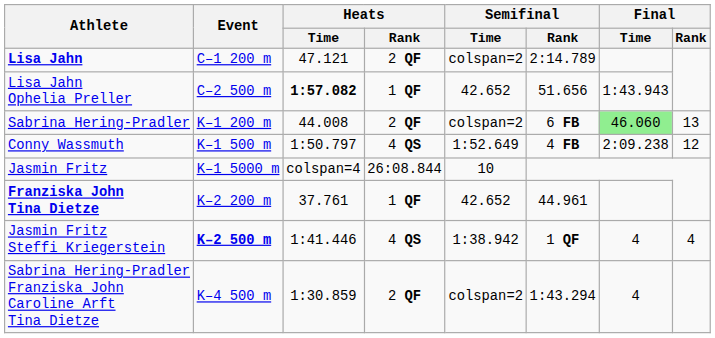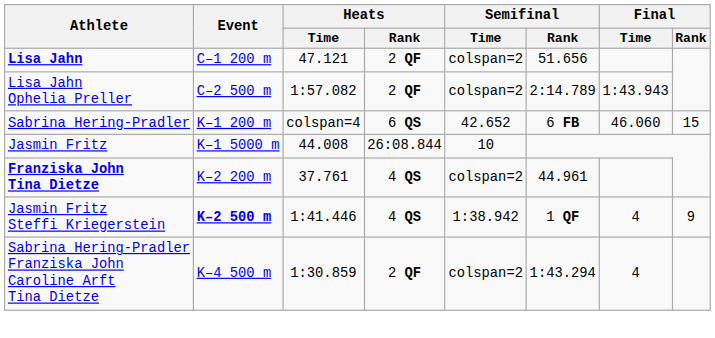 <table class="wikitable" style="text-align:center; font-size:90%">
 <tr>
 <th rowspan=2>Athlete</th>
 <th rowspan=2>Event</th>
 <th colspan=2>Heats</th>
 <th colspan=2>Semifinal</th>
 <th colspan=2>Final</th>
 </tr>
 <tr style="font-size:95%">
 <th>Time</th>
 <th>Rank</th>
 <th>Time</th>
 <th>Rank</th>
 <th>Time</th>
 <th>Rank</th>
 </tr>
 <tr>
 <td align=left><strong><a href='#'>Lisa Jahn</a></strong></td>
 <td align=left><a href='#'>C–1 200 m</a></td>
 <td>47.121</td>
 <td>2 <strong>QF</strong></td>
 <td>colspan=2</td>
-<td>2:14.789</td>
+<td>51.656</td>
 <td></td>
 </tr>
 <tr>
 <td align=left><a href='#'>Lisa Jahn</a><br><a href='#'>Ophelia Preller</a></td>
 <td align=left><a href='#'>C–2 500 m</a></td>
-<td><strong>1:57.082</strong></td>
-<td>1 <strong>QF</strong></td>
-<td>42.652</td>
-<td>51.656</td>
+<td>1:57.082</td>
+<td>2 <strong>QF</strong></td>
+<td>colspan=2</td>
+<td>2:14.789</td>
 <td>1:43.943</td>
 </tr>
 <tr>
 <td align=left><a href='#'>Sabrina Hering-Pradler</a></td>
 <td align=left><a href='#'>K–1 200 m</a></td>
-<td>44.008</td>
-<td>2 <strong>QF</strong></td>
-<td>colspan=2</td>
+<td>colspan=4</td>
+<td>6 <strong>QS</strong></td>
+<td>42.652</td>
 <td>6 <strong>FB</strong></td>
-<td style="background: lightgreen;">46.060</td>
-<td>13</td>
-</tr>
-<tr>
-<td align=left><a href='#'>Conny Wassmuth</a></td>
-<td align=left><a href='#'>K–1 500 m</a></td>
-<td>1:50.797</td>
-<td>4 <strong>QS</strong></td>
-<td>1:52.649</td>
-<td>4 <strong>FB</strong></td>
-<td>2:09.238</td>
-<td>12</td>
+<td>46.060</td>
+<td>15</td>
 </tr>
 <tr>
 <td align=left><a href='#'>Jasmin Fritz</a></td>
 <td align=left><a href='#'>K–1 5000 m</a></td>
-<td>colspan=4</td>
+<td>44.008</td>
 <td>26:08.844</td>
 <td>10</td>
 </tr>
 <tr>
 <td align=left><strong><a href='#'>Franziska John</a><br><a href='#'>Tina Dietze</a></strong></td>
 <td align=left><a href='#'>K–2 200 m</a></td>
 <td>37.761</td>
-<td>1 <strong>QF</strong></td>
-<td>42.652</td>
+<td>4 <strong>QS</strong></td>
+<td>colspan=2</td>
 <td>44.961</td>
 <td></td>
 </tr>
 <tr>
 <td align=left><a href='#'>Jasmin Fritz</a><br><a href='#'>Steffi Kriegerstein</a></td>
 <td align=left><strong><a href='#'>K–2 500 m</a></strong></td>
 <td>1:41.446</td>
 <td>4 <strong>QS</strong></td>
 <td>1:38.942</td>
 <td>1 <strong>QF</strong></td>
 <td>4</td>
-<td>4</td>
+<td>9</td>
 </tr>
 <tr>
 <td align=left><a href='#'>Sabrina Hering-Pradler</a><br><a href='#'>Franziska John</a><br><a href='#'>Caroline Arft</a><br><a href='#'>Tina Dietze</a></td>
 <td align=left><a href='#'>K–4 500 m</a></td>
 <td>1:30.859</td>
 <td>2 <strong>QF</strong></td>
 <td>colspan=2</td>
 <td>1:43.294</td>
 <td>4</td>
 </tr>
 </table>
